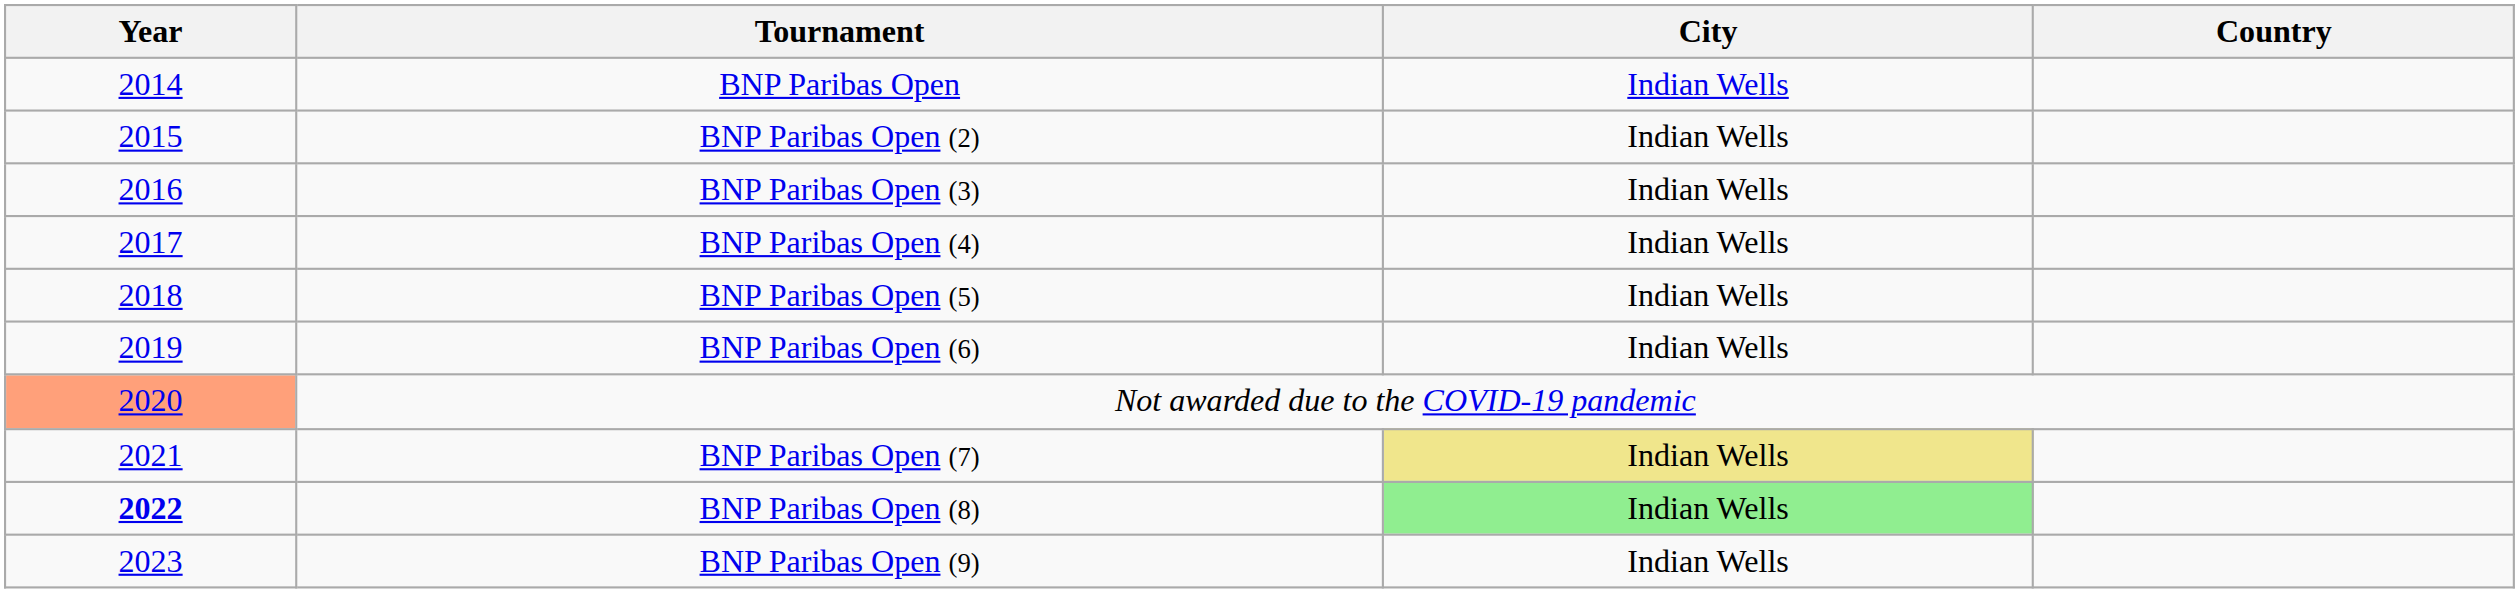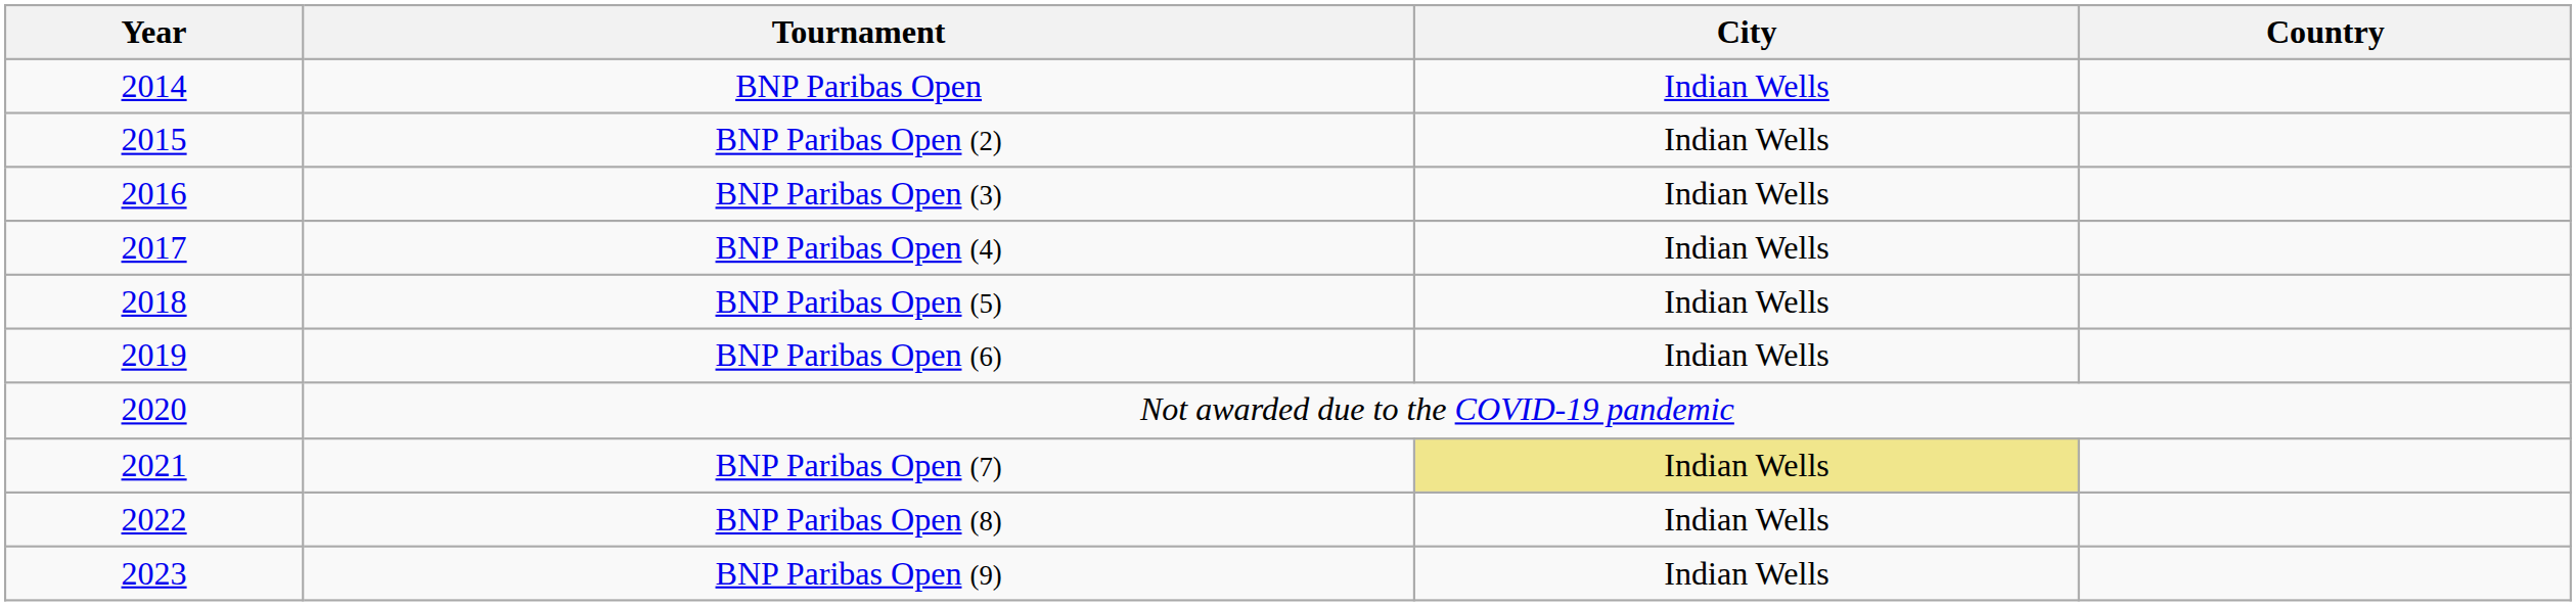 <table class="wikitable" style="width: 60%; text-align:center; font-size:95%">
 <tr>
 <th>Year</th>
 <th>Tournament</th>
 <th>City</th>
 <th>Country</th>
 </tr>
 <tr>
 <td><a href='#'>2014</a></td>
 <td><a href='#'>BNP Paribas Open</a></td>
 <td><a href='#'>Indian Wells</a></td>
 <td></td>
 </tr>
 <tr>
 <td><a href='#'>2015</a></td>
 <td><a href='#'>BNP Paribas Open</a> <small>(2)</small></td>
 <td>Indian Wells</td>
 <td></td>
 </tr>
 <tr>
 <td><a href='#'>2016</a></td>
 <td><a href='#'>BNP Paribas Open</a> <small>(3)</small></td>
 <td>Indian Wells</td>
 <td></td>
 </tr>
 <tr>
 <td><a href='#'>2017</a></td>
 <td><a href='#'>BNP Paribas Open</a> <small>(4)</small></td>
 <td>Indian Wells</td>
 <td></td>
 </tr>
 <tr>
 <td><a href='#'>2018</a></td>
 <td><a href='#'>BNP Paribas Open</a> <small>(5)</small></td>
 <td>Indian Wells</td>
 <td></td>
 </tr>
 <tr>
 <td><a href='#'>2019</a></td>
 <td><a href='#'>BNP Paribas Open</a> <small>(6)</small></td>
 <td>Indian Wells</td>
 <td></td>
 </tr>
 <tr>
-<td style="background: lightsalmon;"><a href='#'>2020</a></td>
+<td><a href='#'>2020</a></td>
 <td colspan=3 style="text-align:center;"><em>Not awarded due to the <a href='#'>COVID-19 pandemic</a></em></td>
 </tr>
 <tr>
 <td><a href='#'>2021</a></td>
 <td><a href='#'>BNP Paribas Open</a> <small>(7)</small></td>
 <td style="background: khaki;">Indian Wells</td>
 <td></td>
 </tr>
 <tr>
-<td><strong><a href='#'>2022</a></strong></td>
+<td><a href='#'>2022</a></td>
 <td><a href='#'>BNP Paribas Open</a> <small>(8)</small></td>
-<td style="background: lightgreen;">Indian Wells</td>
+<td>Indian Wells</td>
 <td></td>
 </tr>
 <tr>
 <td><a href='#'>2023</a></td>
 <td><a href='#'>BNP Paribas Open</a> <small>(9)</small></td>
 <td>Indian Wells</td>
 <td></td>
 </tr>
 </table>
